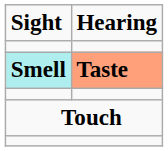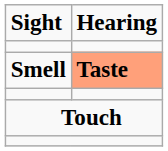 <table class="wikitable" style="float:right">
 <tr>
 <td><strong>Sight</strong></td>
 <td><strong>Hearing</strong></td>
 </tr>
 <tr>
 <td></td>
 <td></td>
 </tr>
 <tr>
-<td style="background: paleturquoise;"><strong>Smell</strong></td>
+<td><strong>Smell</strong></td>
 <td style="background: lightsalmon;"><strong>Taste</strong></td>
 </tr>
 <tr>
 <td></td>
 <td></td>
 </tr>
 <tr>
 <td colspan=2 style="padding-left:35%;"><strong>Touch</strong></td>
 </tr>
 <tr>
 <td colspan=2 style="padding-left:35%;"></td>
 </tr>
 </table>
